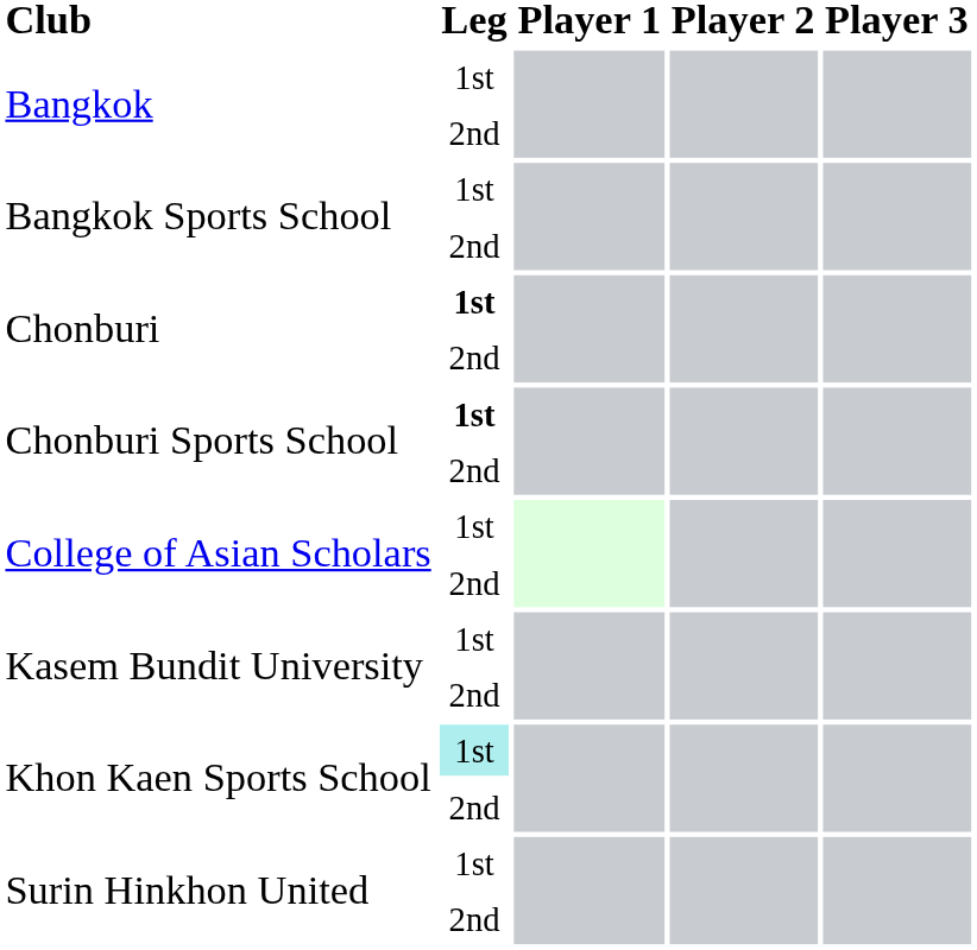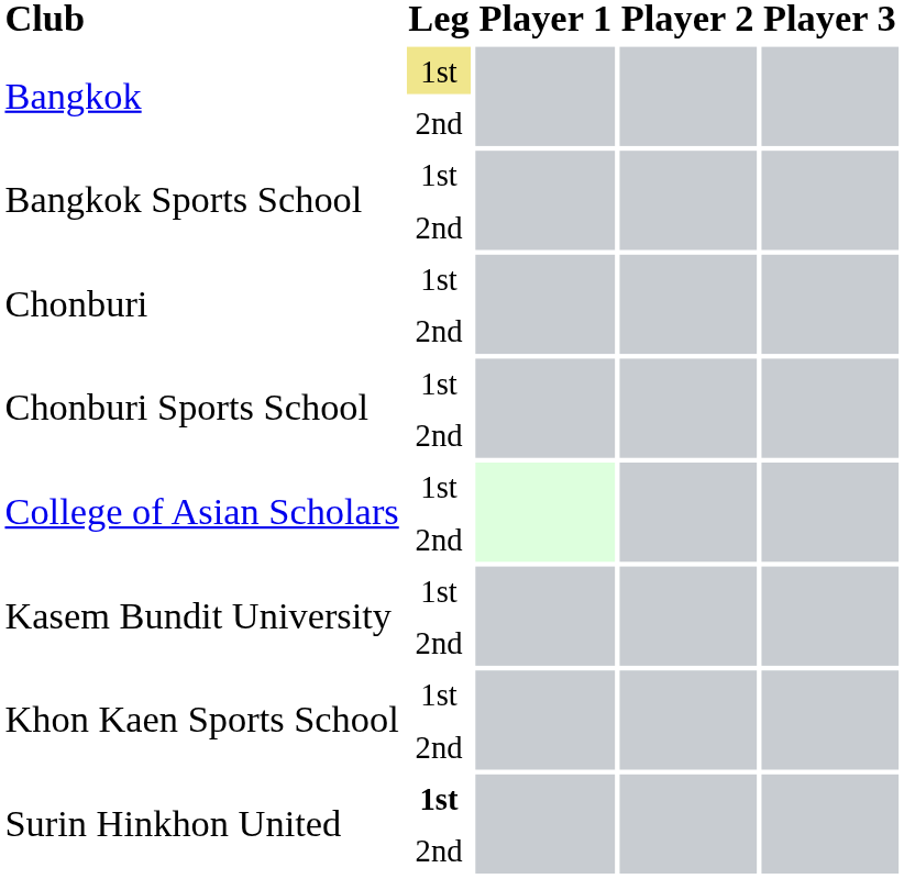 <table class="sortable" style="text-align:left">
 <tr>
 <th>Club</th>
 <th>Leg</th>
 <th>Player 1</th>
 <th>Player 2</th>
 <th>Player 3</th>
 </tr>
 <tr>
 <td rowspan="2"><a href='#'>Bangkok</a></td>
-<td align="center"><small>1st</small></td>
+<td align="center" style="background: khaki;"><small>1st</small></td>
 <td bgcolor="#c8ccd1"rowspan="2"></td>
 <td bgcolor="#c8ccd1"rowspan="2"></td>
 <td bgcolor="#c8ccd1"rowspan="2"></td>
 </tr>
 <tr>
 <td align="center"><small>2nd</small></td>
 </tr>
 <tr>
 <td rowspan="2">Bangkok Sports School</td>
 <td align="center"><small>1st</small></td>
 <td bgcolor="#c8ccd1"rowspan="2"></td>
 <td bgcolor="#c8ccd1"rowspan="2"></td>
 <td bgcolor="#c8ccd1"rowspan="2"></td>
 </tr>
 <tr>
 <td align="center"><small>2nd</small></td>
 </tr>
 <tr>
 <td rowspan="2">Chonburi</td>
-<td align="center"><strong><small>1st</small></strong></td>
+<td align="center"><small>1st</small></td>
 <td bgcolor="#c8ccd1"rowspan="2"></td>
 <td bgcolor="#c8ccd1"rowspan="2"></td>
 <td bgcolor="#c8ccd1"rowspan="2"></td>
 </tr>
 <tr>
 <td align="center"><small>2nd</small></td>
 </tr>
 <tr>
 <td rowspan="2">Chonburi Sports School</td>
-<td align="center"><strong><small>1st</small></strong></td>
+<td align="center"><small>1st</small></td>
 <td bgcolor="#c8ccd1"rowspan="2"></td>
 <td bgcolor="#c8ccd1"rowspan="2"></td>
 <td bgcolor="#c8ccd1"rowspan="2"></td>
 </tr>
 <tr>
 <td align="center"><small>2nd</small></td>
 </tr>
 <tr>
 <td rowspan="2"><a href='#'>College of Asian Scholars</a></td>
 <td align="center"><small>1st</small></td>
 <td bgcolor="#ddffdd"rowspan="2"></td>
 <td bgcolor="#c8ccd1"rowspan="2"></td>
 <td bgcolor="#c8ccd1"rowspan="2"></td>
 </tr>
 <tr>
 <td align="center"><small>2nd</small></td>
 </tr>
 <tr>
 <td rowspan="2">Kasem Bundit University</td>
 <td align="center"><small>1st</small></td>
 <td bgcolor="#c8ccd1"rowspan="2"></td>
 <td bgcolor="#c8ccd1"rowspan="2"></td>
 <td bgcolor="#c8ccd1"rowspan="2"></td>
 </tr>
 <tr>
 <td align="center"><small>2nd</small></td>
 </tr>
 <tr>
 <td rowspan="2">Khon Kaen Sports School</td>
-<td align="center" style="background: paleturquoise;"><small>1st</small></td>
+<td align="center"><small>1st</small></td>
 <td bgcolor="#c8ccd1"rowspan="2"></td>
 <td bgcolor="#c8ccd1"rowspan="2"></td>
 <td bgcolor="#c8ccd1"rowspan="2"></td>
 </tr>
 <tr>
 <td align="center"><small>2nd</small></td>
 </tr>
 <tr>
 <td rowspan="2">Surin Hinkhon United</td>
-<td align="center"><small>1st</small></td>
+<td align="center"><strong><small>1st</small></strong></td>
 <td bgcolor="#c8ccd1"rowspan="2"></td>
 <td bgcolor="#c8ccd1"rowspan="2"></td>
 <td bgcolor="#c8ccd1"rowspan="2"></td>
 </tr>
 <tr>
 <td align="center"><small>2nd</small></td>
 </tr>
 </table>
